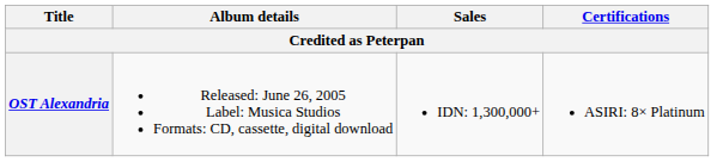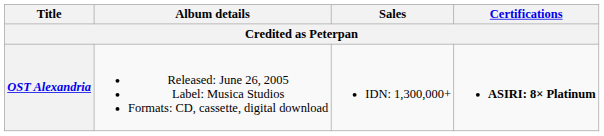 <table class="wikitable plainrowheaders" style="text-align:center;">
 <tr>
 <th scope="col">Title</th>
 <th scope="col">Album details</th>
 <th scope="col">Sales</th>
 <th scope="col"><a href='#'>Certifications</a></th>
 </tr>
 <tr>
 <th colspan="4">Credited as Peterpan</th>
 </tr>
 <tr>
 <th scope="row"><em><a href='#'>OST Alexandria</a></em></th>
 <td><br><ul><li>Released: June 26, 2005</li><li>Label: Musica Studios</li><li>Formats: CD, cassette, digital download</li></ul></td>
 <td><br><ul><li>IDN: 1,300,000+</li></ul></td>
-<td><br><ul><li>ASIRI: 8× Platinum</li></ul></td>
+<td><strong><br><ul><li>ASIRI: 8× Platinum</li></ul></strong></td>
 </tr>
 </table>
